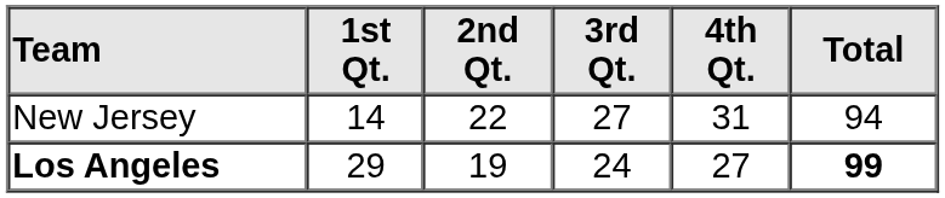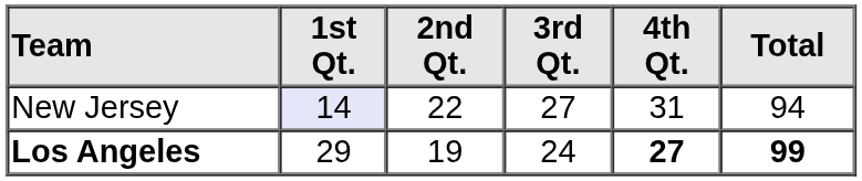 <table border=1 cellspacing=0 width=425 style="margin-left:3em;">
 <tr style="text-align:center; background-color:#e6e6e6;">
 <th align=left width=16%>Team</th>
 <th width=6%>1st Qt.</th>
 <th width=6%>2nd Qt.</th>
 <th width=6%>3rd Qt.</th>
 <th width=6%>4th Qt.</th>
 <th width=6%>Total</th>
 </tr>
 <tr style="text-align:center;">
 <td align=left>New Jersey</td>
-<td>14</td>
+<td style="background: lavender;">14</td>
 <td>22</td>
 <td>27</td>
 <td>31</td>
 <td>94</td>
 </tr>
 <tr style="text-align:center;">
 <td align=left><strong>Los Angeles</strong></td>
 <td>29</td>
 <td>19</td>
 <td>24</td>
-<td>27</td>
+<td><strong>27</strong></td>
 <td><strong>99</strong></td>
 </tr>
 <tr style="text-align:center;">
 </tr>
 </table>
